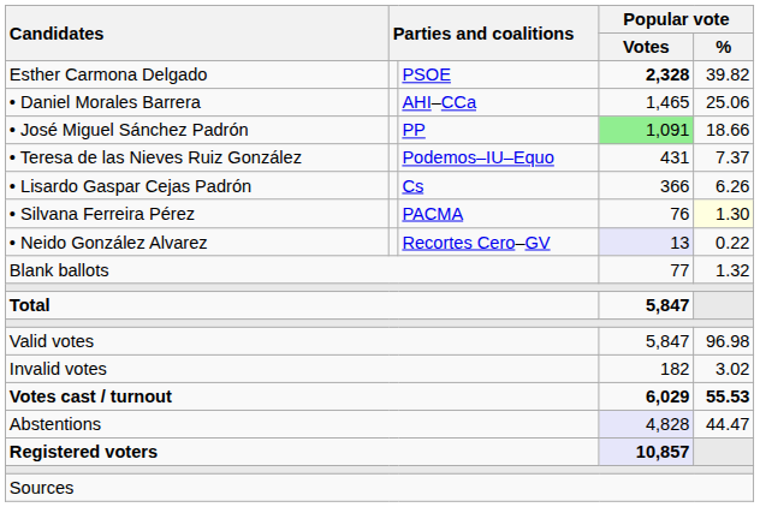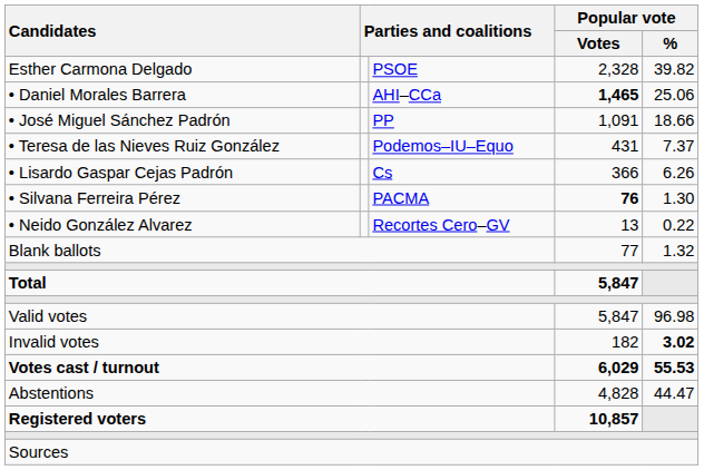 <table class="wikitable" style="text-align:right; font-size:95%;">
 <tr>
 <th style="text-align:left;" rowspan="2" width="325">Candidates</th>
 <th style="text-align:left;" rowspan="2" colspan="2" width="175">Parties and coalitions</th>
 <th colspan="2">Popular vote</th>
 </tr>
 <tr>
 <th width="75">Votes</th>
 <th width="45">%</th>
 </tr>
 <tr>
 <td align="left"> Esther Carmona Delgado</td>
 <td width="1" style="color:inherit;background:"></td>
 <td align="left"><a href='#'>PSOE</a></td>
-<td><strong>2,328</strong></td>
+<td>2,328</td>
 <td>39.82</td>
 </tr>
 <tr>
 <td align="left">• Daniel Morales Barrera</td>
 <td style="color:inherit;background:"></td>
 <td align="left"><a href='#'>AHI</a>–<a href='#'>CCa</a></td>
-<td>1,465</td>
+<td><strong>1,465</strong></td>
 <td>25.06</td>
 </tr>
 <tr>
 <td align="left">• José Miguel Sánchez Padrón</td>
 <td style="color:inherit;background:"></td>
 <td align="left"><a href='#'>PP</a></td>
-<td style="background: lightgreen;">1,091</td>
+<td>1,091</td>
 <td>18.66</td>
 </tr>
 <tr>
 <td align="left">• Teresa de las Nieves Ruiz González</td>
 <td style="color:inherit;background:"></td>
 <td align="left"><a href='#'>Podemos–IU–Equo</a></td>
 <td>431</td>
 <td>7.37</td>
 </tr>
 <tr>
 <td align="left">• Lisardo Gaspar Cejas Padrón</td>
 <td style="color:inherit;background:"></td>
 <td align="left"><a href='#'>Cs</a></td>
 <td>366</td>
 <td>6.26</td>
 </tr>
 <tr>
 <td align="left">• Silvana Ferreira Pérez</td>
 <td style="color:inherit;background:"></td>
 <td align="left"><a href='#'>PACMA</a></td>
-<td>76</td>
-<td style="background: lightyellow;">1.30</td>
+<td><strong>76</strong></td>
+<td>1.30</td>
 </tr>
 <tr>
 <td align="left">• Neido González Alvarez</td>
 <td style="color:inherit;background:"></td>
 <td align="left"><a href='#'>Recortes Cero</a>–<a href='#'>GV</a></td>
-<td style="background: lavender;">13</td>
+<td>13</td>
 <td>0.22</td>
 </tr>
 <tr>
 <td align="left" colspan="3">Blank ballots</td>
 <td>77</td>
 <td>1.32</td>
 </tr>
 <tr>
 <td colspan="5" bgcolor="#E9E9E9"></td>
 </tr>
 <tr style="font-weight:bold;">
 <td align="left" colspan="3">Total</td>
 <td>5,847</td>
 <td bgcolor="#E9E9E9"></td>
 </tr>
 <tr>
 <td colspan="5" bgcolor="#E9E9E9"></td>
 </tr>
 <tr>
 <td align="left" colspan="3">Valid votes</td>
 <td>5,847</td>
 <td>96.98</td>
 </tr>
 <tr>
 <td align="left" colspan="3">Invalid votes</td>
 <td>182</td>
-<td>3.02</td>
+<td><strong>3.02</strong></td>
 </tr>
 <tr style="font-weight:bold;">
 <td align="left" colspan="3">Votes cast / turnout</td>
 <td>6,029</td>
 <td>55.53</td>
 </tr>
 <tr>
 <td align="left" colspan="3">Abstentions</td>
-<td style="background: lavender;">4,828</td>
+<td>4,828</td>
 <td>44.47</td>
 </tr>
 <tr style="font-weight:bold;">
 <td align="left" colspan="3">Registered voters</td>
-<td style="background: lavender;">10,857</td>
+<td>10,857</td>
 <td bgcolor="#E9E9E9"></td>
 </tr>
 <tr>
 <td colspan="5" bgcolor="#E9E9E9"></td>
 </tr>
 <tr>
 <td align="left" colspan="5">Sources</td>
 </tr>
 </table>
